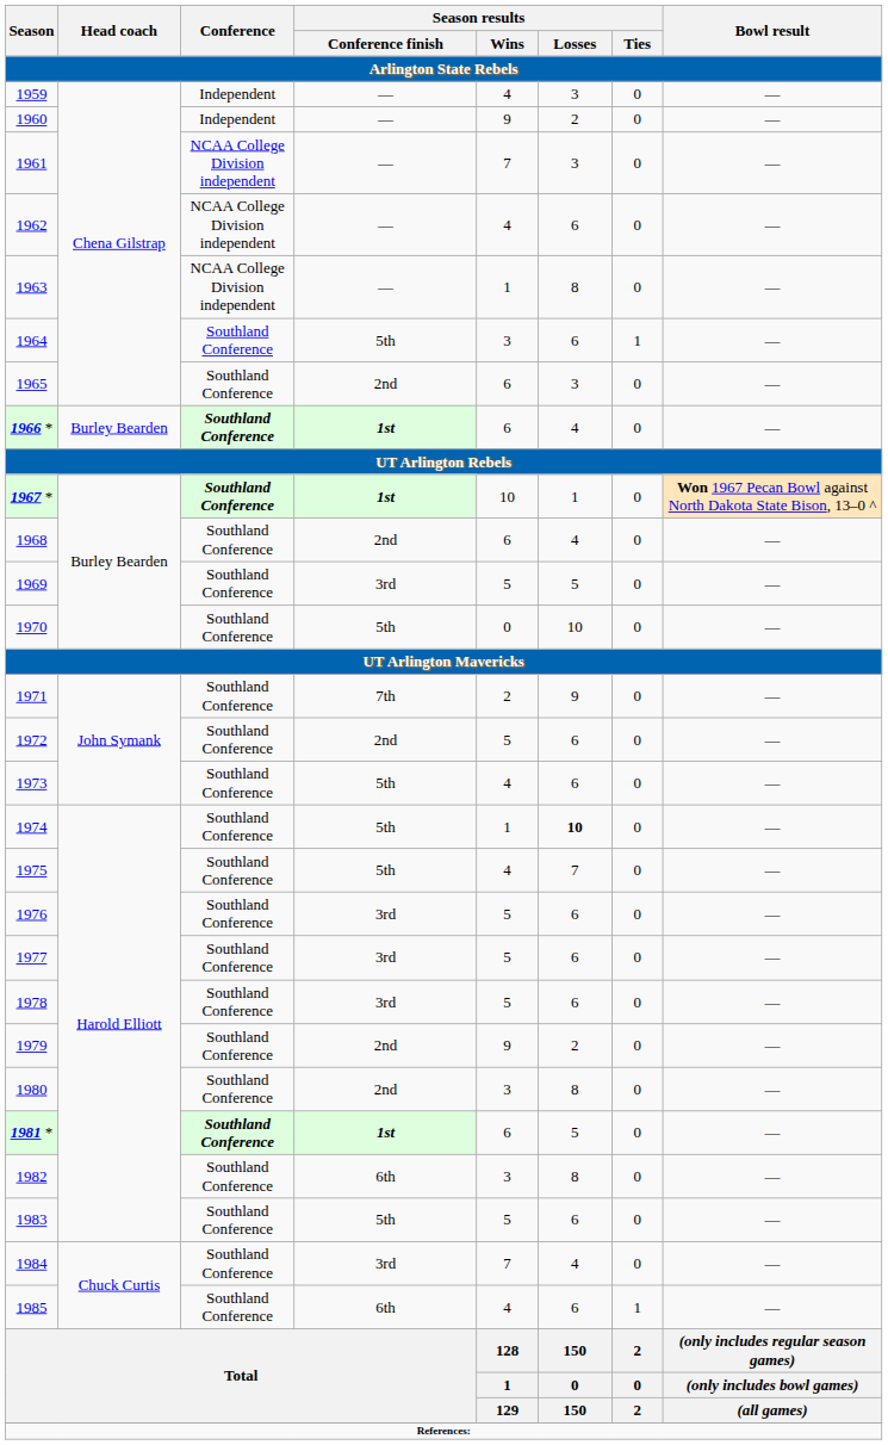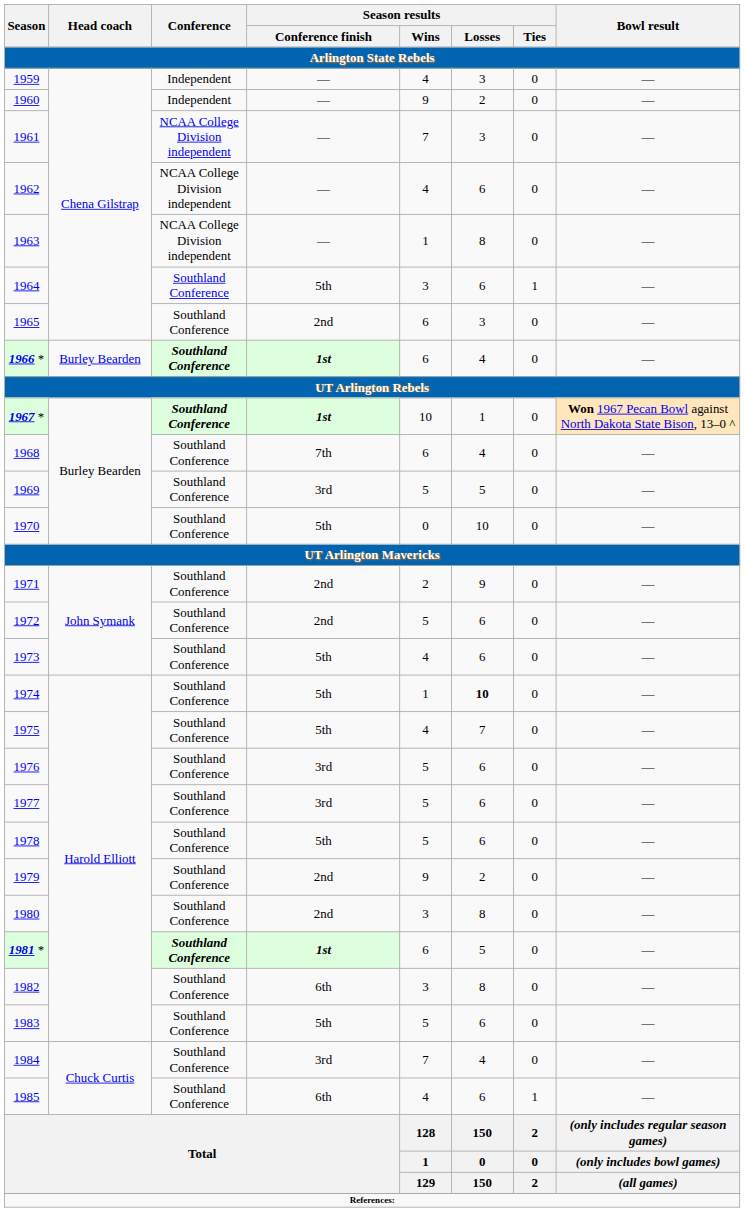 <table class="wikitable" style="font-size: 95%; width:98%;">
 <tr>
 <th rowspan="2" style="width:5%;">Season</th>
 <th rowspan="2" style="width:14%;">Head coach</th>
 <th rowspan="2" style="width:13%;">Conference</th>
 <th colspan="4">Season results</th>
 <th rowspan="2" style="width:25%;">Bowl result</th>
 </tr>
 <tr>
 <th>Conference finish</th>
 <th>Wins</th>
 <th>Losses</th>
 <th>Ties</th>
 </tr>
 <tr>
 <td align="center" Colspan="8" style="background:#0064B1; color:white; text-shadow:1px 1px 2px #DE7008"><span><strong>Arlington State Rebels</strong></span></td>
 </tr>
 <tr>
 <td align="center"><a href='#'>1959</a></td>
 <td align="center" rowspan=7><a href='#'>Chena Gilstrap</a></td>
 <td align="center">Independent</td>
 <td align="center">—</td>
 <td align="center">4</td>
 <td align="center">3</td>
 <td align="center">0</td>
 <td align="center">—</td>
 </tr>
 <tr>
 <td align="center"><a href='#'>1960</a></td>
 <td align="center">Independent</td>
 <td align="center">—</td>
 <td align="center">9</td>
 <td align="center">2</td>
 <td align="center">0</td>
 <td align="center">—</td>
 </tr>
 <tr>
 <td align="center"><a href='#'>1961</a></td>
 <td align="center"><a href='#'>NCAA College Division independent</a></td>
 <td align="center">—</td>
 <td align="center">7</td>
 <td align="center">3</td>
 <td align="center">0</td>
 <td align="center">—</td>
 </tr>
 <tr>
 <td align="center"><a href='#'>1962</a></td>
 <td align="center">NCAA College Division independent</td>
 <td align="center">—</td>
 <td align="center">4</td>
 <td align="center">6</td>
 <td align="center">0</td>
 <td align="center">—</td>
 </tr>
 <tr>
 <td align="center"><a href='#'>1963</a></td>
 <td align="center">NCAA College Division independent</td>
 <td align="center">—</td>
 <td align="center">1</td>
 <td align="center">8</td>
 <td align="center">0</td>
 <td align="center">—</td>
 </tr>
 <tr>
 <td align="center"><a href='#'>1964</a></td>
 <td align="center"><a href='#'>Southland Conference</a></td>
 <td align="center">5th</td>
 <td align="center">3</td>
 <td align="center">6</td>
 <td align="center">1</td>
 <td align="center">—</td>
 </tr>
 <tr>
 <td align="center"><a href='#'>1965</a></td>
 <td align="center">Southland Conference</td>
 <td align="center">2nd</td>
 <td align="center">6</td>
 <td align="center">3</td>
 <td align="center">0</td>
 <td align="center">—</td>
 </tr>
 <tr>
 <td align="center" style="background: #ddffdd;"><strong><em><a href='#'>1966</a></em></strong> *</td>
 <td align="center"><a href='#'>Burley Bearden</a></td>
 <td align="center" style="background: #ddffdd;"><strong><em>Southland Conference</em></strong></td>
 <td align="center" style="background: #ddffdd;"><strong><em>1st</em></strong></td>
 <td align="center">6</td>
 <td align="center">4</td>
 <td align="center">0</td>
 <td align="center">—</td>
 </tr>
 <tr>
 <td align="center" Colspan="8" style="background:#0064B1; color:white; text-shadow:1px 1px 2px #DE7008"><span><strong>UT Arlington Rebels</strong></span></td>
 </tr>
 <tr>
 <td align="center" style="background: #ddffdd;"><strong><em><a href='#'>1967</a></em></strong> *</td>
 <td align="center" rowspan="4">Burley Bearden</td>
 <td align="center" style="background: #ddffdd;"><strong><em>Southland Conference</em></strong></td>
 <td align="center" style="background: #ddffdd;"><strong><em>1st</em></strong></td>
 <td align="center">10</td>
 <td align="center">1</td>
 <td align="center">0</td>
 <td align="center" style="background: #ffe6bd;"><strong>Won</strong> <a href='#'>1967 Pecan Bowl</a> against <a href='#'>North Dakota State Bison</a>, 13–0 ^</td>
 </tr>
 <tr>
 <td align="center"><a href='#'>1968</a></td>
 <td align="center">Southland Conference</td>
-<td align="center">2nd</td>
+<td align="center">7th</td>
 <td align="center">6</td>
 <td align="center">4</td>
 <td align="center">0</td>
 <td align="center">—</td>
 </tr>
 <tr>
 <td align="center"><a href='#'>1969</a></td>
 <td align="center">Southland Conference</td>
 <td align="center">3rd</td>
 <td align="center">5</td>
 <td align="center">5</td>
 <td align="center">0</td>
 <td align="center">—</td>
 </tr>
 <tr>
 <td align="center"><a href='#'>1970</a></td>
 <td align="center">Southland Conference</td>
 <td align="center">5th</td>
 <td align="center">0</td>
 <td align="center">10</td>
 <td align="center">0</td>
 <td align="center">—</td>
 </tr>
 <tr>
 <td align="center" Colspan="8" style="background:#0064B1; color:white; text-shadow:1px 1px 2px #DE7008"><span><strong>UT Arlington Mavericks</strong></span></td>
 </tr>
 <tr>
 <td align="center"><a href='#'>1971</a></td>
 <td align="center" rowspan=3><a href='#'>John Symank</a></td>
 <td align="center">Southland Conference</td>
-<td align="center">7th</td>
+<td align="center">2nd</td>
 <td align="center">2</td>
 <td align="center">9</td>
 <td align="center">0</td>
 <td align="center">—</td>
 </tr>
 <tr>
 <td align="center"><a href='#'>1972</a></td>
 <td align="center">Southland Conference</td>
 <td align="center">2nd</td>
 <td align="center">5</td>
 <td align="center">6</td>
 <td align="center">0</td>
 <td align="center">—</td>
 </tr>
 <tr>
 <td align="center"><a href='#'>1973</a></td>
 <td align="center">Southland Conference</td>
 <td align="center">5th</td>
 <td align="center">4</td>
 <td align="center">6</td>
 <td align="center">0</td>
 <td align="center">—</td>
 </tr>
 <tr>
 <td align="center"><a href='#'>1974</a></td>
 <td align="center" rowspan=10><a href='#'>Harold Elliott</a></td>
 <td align="center">Southland Conference</td>
 <td align="center">5th</td>
 <td align="center">1</td>
 <td align="center"><strong>10</strong></td>
 <td align="center">0</td>
 <td align="center">—</td>
 </tr>
 <tr>
 <td align="center"><a href='#'>1975</a></td>
 <td align="center">Southland Conference</td>
 <td align="center">5th</td>
 <td align="center">4</td>
 <td align="center">7</td>
 <td align="center">0</td>
 <td align="center">—</td>
 </tr>
 <tr>
 <td align="center"><a href='#'>1976</a></td>
 <td align="center">Southland Conference</td>
 <td align="center">3rd</td>
 <td align="center">5</td>
 <td align="center">6</td>
 <td align="center">0</td>
 <td align="center">—</td>
 </tr>
 <tr>
 <td align="center"><a href='#'>1977</a></td>
 <td align="center">Southland Conference</td>
 <td align="center">3rd</td>
 <td align="center">5</td>
 <td align="center">6</td>
 <td align="center">0</td>
 <td align="center">—</td>
 </tr>
 <tr>
 <td align="center"><a href='#'>1978</a></td>
 <td align="center">Southland Conference</td>
-<td align="center">3rd</td>
+<td align="center">5th</td>
 <td align="center">5</td>
 <td align="center">6</td>
 <td align="center">0</td>
 <td align="center">—</td>
 </tr>
 <tr>
 <td align="center"><a href='#'>1979</a></td>
 <td align="center">Southland Conference</td>
 <td align="center">2nd</td>
 <td align="center">9</td>
 <td align="center">2</td>
 <td align="center">0</td>
 <td align="center">—</td>
 </tr>
 <tr>
 <td align="center"><a href='#'>1980</a></td>
 <td align="center">Southland Conference</td>
 <td align="center">2nd</td>
 <td align="center">3</td>
 <td align="center">8</td>
 <td align="center">0</td>
 <td align="center">—</td>
 </tr>
 <tr>
 <td align="center" style="background: #ddffdd;"><strong><em><a href='#'>1981</a></em></strong> *</td>
 <td align="center" style="background: #ddffdd;"><strong><em>Southland Conference</em></strong></td>
 <td align="center" style="background: #ddffdd;"><strong><em>1st</em></strong></td>
 <td align="center">6</td>
 <td align="center">5</td>
 <td align="center">0</td>
 <td align="center">—</td>
 </tr>
 <tr>
 <td align="center"><a href='#'>1982</a></td>
 <td align="center">Southland Conference</td>
 <td align="center">6th</td>
 <td align="center">3</td>
 <td align="center">8</td>
 <td align="center">0</td>
 <td align="center">—</td>
 </tr>
 <tr>
 <td align="center"><a href='#'>1983</a></td>
 <td align="center">Southland Conference</td>
 <td align="center">5th</td>
 <td align="center">5</td>
 <td align="center">6</td>
 <td align="center">0</td>
 <td align="center">—</td>
 </tr>
 <tr>
 <td align="center"><a href='#'>1984</a></td>
 <td align="center" rowspan=2><a href='#'>Chuck Curtis</a></td>
 <td align="center">Southland Conference</td>
 <td align="center">3rd</td>
 <td align="center">7</td>
 <td align="center">4</td>
 <td align="center">0</td>
 <td align="center">—</td>
 </tr>
 <tr>
 <td align="center"><a href='#'>1985</a></td>
 <td align="center">Southland Conference</td>
 <td align="center">6th</td>
 <td align="center">4</td>
 <td align="center">6</td>
 <td align="center">1</td>
 <td align="center">—</td>
 </tr>
 <tr>
 <th align="center" rowSpan="3" colSpan="4">Total</th>
 <th align="center">128</th>
 <th align="center">150</th>
 <th align="center">2</th>
 <th colSpan="2" align="center"><em>(only includes regular season games)</em></th>
 </tr>
 <tr>
 <th align="center">1</th>
 <th align="center">0</th>
 <th align="center">0</th>
 <th colSpan="2" align="center"><em>(only includes bowl games)</em></th>
 </tr>
 <tr>
 <th align="center">129</th>
 <th align="center">150</th>
 <th align="center">2</th>
 <th colSpan="2" align="center"><em>(all games)</em></th>
 </tr>
 <tr>
 </tr>
 <tr>
 <td colspan="8" style="font-size: 8pt" align="center"><strong>References:</strong></td>
 </tr>
 </table>
